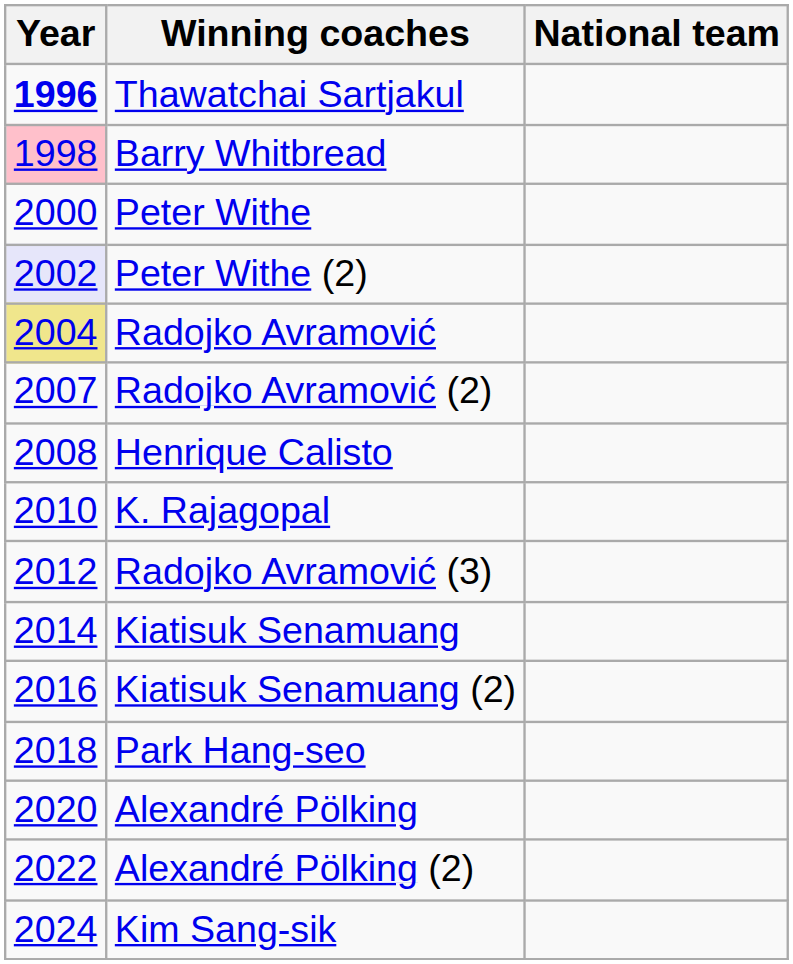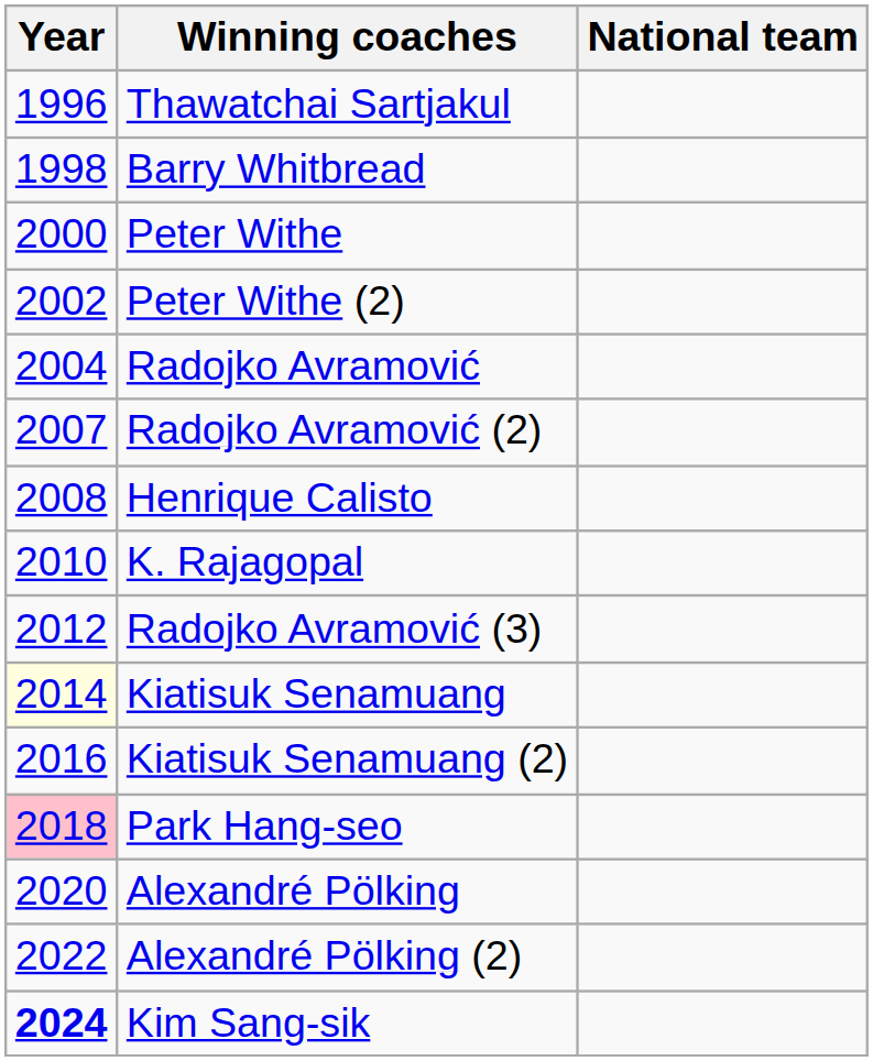 <table class="sortable wikitable plainrowheaders">
 <tr>
 <th scope="col">Year</th>
 <th scope="col">Winning coaches</th>
 <th scope="col">National team</th>
 </tr>
 <tr>
-<td style="text-align: center;"><strong><a href='#'>1996</a></strong></td>
+<td style="text-align: center;"><a href='#'>1996</a></td>
 <td> <a href='#'>Thawatchai Sartjakul</a></td>
 <td></td>
 </tr>
 <tr>
-<td style="background: pink; text-align: center;"><a href='#'>1998</a></td>
+<td style="text-align: center;"><a href='#'>1998</a></td>
 <td> <a href='#'>Barry Whitbread</a></td>
 <td></td>
 </tr>
 <tr>
 <td style="text-align: center;"><a href='#'>2000</a></td>
 <td> <a href='#'>Peter Withe</a></td>
 <td></td>
 </tr>
 <tr>
-<td style="background: lavender; text-align: center;"><a href='#'>2002</a></td>
+<td style="text-align: center;"><a href='#'>2002</a></td>
 <td> <a href='#'>Peter Withe</a> (2)</td>
 <td></td>
 </tr>
 <tr>
-<td style="background: khaki; text-align: center;"><a href='#'>2004</a></td>
+<td style="text-align: center;"><a href='#'>2004</a></td>
 <td> <a href='#'>Radojko Avramović</a></td>
 <td></td>
 </tr>
 <tr>
 <td style="text-align: center;"><a href='#'>2007</a></td>
 <td> <a href='#'>Radojko Avramović</a> (2)</td>
 <td></td>
 </tr>
 <tr>
 <td style="text-align: center;"><a href='#'>2008</a></td>
 <td> <a href='#'>Henrique Calisto</a></td>
 <td></td>
 </tr>
 <tr>
 <td style="text-align: center;"><a href='#'>2010</a></td>
 <td> <a href='#'>K. Rajagopal</a></td>
 <td></td>
 </tr>
 <tr>
 <td style="text-align: center;"><a href='#'>2012</a></td>
 <td> <a href='#'>Radojko Avramović</a> (3)</td>
 <td></td>
 </tr>
 <tr>
-<td style="text-align: center;"><a href='#'>2014</a></td>
+<td style="background: lightyellow; text-align: center;"><a href='#'>2014</a></td>
 <td> <a href='#'>Kiatisuk Senamuang</a></td>
 <td></td>
 </tr>
 <tr>
 <td style="text-align: center;"><a href='#'>2016</a></td>
 <td> <a href='#'>Kiatisuk Senamuang</a> (2)</td>
 <td></td>
 </tr>
 <tr>
-<td style="text-align: center;"><a href='#'>2018</a></td>
+<td style="background: pink; text-align: center;"><a href='#'>2018</a></td>
 <td> <a href='#'>Park Hang-seo</a></td>
 <td></td>
 </tr>
 <tr>
 <td style="text-align: center;"><a href='#'>2020</a></td>
 <td> <a href='#'>Alexandré Pölking</a></td>
 <td></td>
 </tr>
 <tr>
 <td style="text-align: center;"><a href='#'>2022</a></td>
 <td> <a href='#'>Alexandré Pölking</a> (2)</td>
 <td></td>
 </tr>
 <tr>
-<td style="text-align: center;"><a href='#'>2024</a></td>
+<td style="text-align: center;"><strong><a href='#'>2024</a></strong></td>
 <td> <a href='#'>Kim Sang-sik</a></td>
 <td></td>
 </tr>
 <tr>
 </tr>
 </table>
